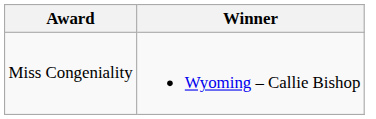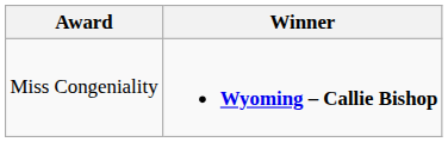 <table class="wikitable unsortable" style="font-size:95%;">
 <tr>
 <th>Award</th>
 <th>Winner</th>
 </tr>
 <tr>
 <td>Miss Congeniality</td>
-<td><br><ul><li><a href='#'>Wyoming</a> – Callie Bishop</li></ul></td>
+<td><strong><br><ul><li><a href='#'>Wyoming</a> – Callie Bishop</li></ul></strong></td>
 </tr>
 </table>
